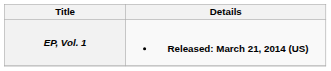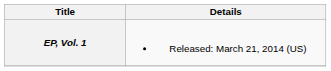 <table class="wikitable plainrowheaders" style="text-align:center;" border="1">
 <tr>
 <th scope="col" style="width:12em;">Title</th>
 <th scope="col" style="width:20em;">Details</th>
 </tr>
 <tr>
 <th scope="row"><em>EP, Vol. 1</em></th>
-<td><strong><br><ul><li>Released: March 21, 2014 <span>(US)</span></li></ul></strong></td>
+<td><br><ul><li>Released: March 21, 2014 <span>(US)</span></li></ul></td>
 </tr>
 <tr>
 </tr>
 </table>
